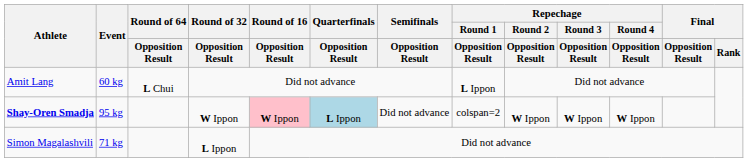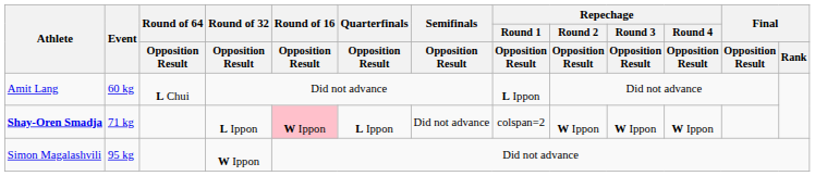 <table class="wikitable" style="font-size:90%">
 <tr>
 <th rowspan="3">Athlete</th>
 <th rowspan="3">Event</th>
 <th rowspan="2">Round of 64</th>
 <th rowspan="2">Round of 32</th>
 <th rowspan="2">Round of 16</th>
 <th rowspan="2">Quarterfinals</th>
 <th rowspan="2">Semifinals</th>
 <th colspan=4>Repechage</th>
 <th rowspan="2" colspan=2>Final</th>
 </tr>
 <tr style="font-size:95%">
 <th>Round 1</th>
 <th>Round 2</th>
 <th>Round 3</th>
 <th>Round 4</th>
 </tr>
 <tr style="font-size:95%">
 <th>Opposition<br>Result</th>
 <th>Opposition<br>Result</th>
 <th>Opposition<br>Result</th>
 <th>Opposition<br>Result</th>
 <th>Opposition<br>Result</th>
 <th>Opposition<br>Result</th>
 <th>Opposition<br>Result</th>
 <th>Opposition<br>Result</th>
 <th>Opposition<br>Result</th>
 <th>Opposition<br>Result</th>
 <th>Rank</th>
 </tr>
 <tr align=center>
 <td align=left><a href='#'>Amit Lang</a></td>
 <td align=left><a href='#'>60 kg</a></td>
 <td><br><strong>L</strong> Chui</td>
 <td colspan=4>Did not advance</td>
 <td><br><strong>L</strong> Ippon</td>
 <td colspan=4>Did not advance</td>
 </tr>
 <tr align=center>
 <td align=left><strong><a href='#'>Shay-Oren Smadja</a></strong></td>
-<td align=left><a href='#'>95 kg</a></td>
+<td align=left><a href='#'>71 kg</a></td>
 <td></td>
-<td><br><strong>W</strong> Ippon</td>
+<td><br><strong>L</strong> Ippon</td>
 <td style="background: pink;"><br><strong>W</strong> Ippon</td>
-<td style="background: lightblue;"><br><strong>L</strong> Ippon</td>
+<td><br><strong>L</strong> Ippon</td>
 <td>Did not advance</td>
 <td>colspan=2</td>
 <td><br><strong>W</strong> Ippon</td>
 <td><br><strong>W</strong> Ippon</td>
 <td><br><strong>W</strong> Ippon</td>
 <td></td>
 </tr>
 <tr align=center>
 <td align=left><a href='#'>Simon Magalashvili</a></td>
-<td align=left><a href='#'>71 kg</a></td>
+<td align=left><a href='#'>95 kg</a></td>
 <td></td>
-<td><br><strong>L</strong> Ippon</td>
+<td><br><strong>W</strong> Ippon</td>
 <td colspan=9>Did not advance</td>
 </tr>
 </table>
